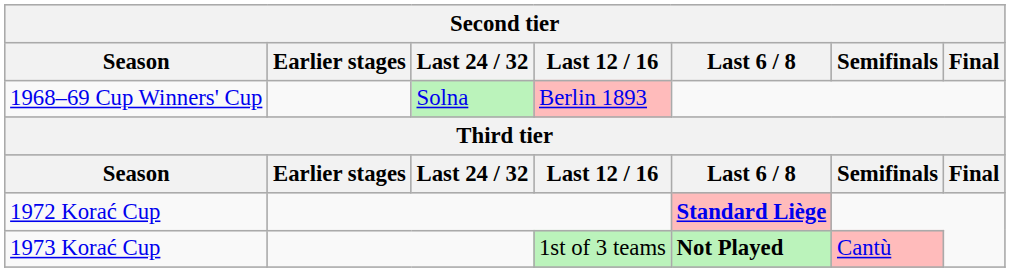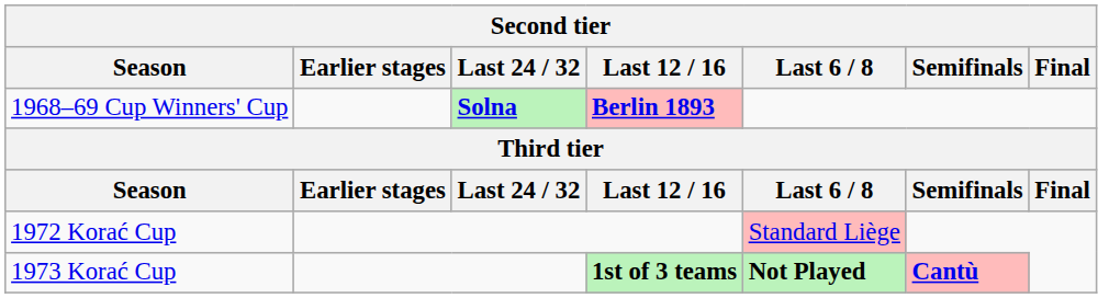 <table class="wikitable" style="font-size:90%">
 <tr>
 <th colspan=7>Second tier</th>
 </tr>
 <tr>
 <th>Season</th>
 <th>Earlier stages</th>
 <th>Last 24 / 32</th>
 <th>Last 12 / 16</th>
 <th>Last 6 / 8</th>
 <th>Semifinals</th>
 <th>Final</th>
 </tr>
 <tr>
 <td><a href='#'>1968–69 Cup Winners' Cup</a></td>
 <td></td>
-<td bgcolor=#BBF3BB> <a href='#'>Solna</a></td>
-<td bgcolor=#FFBBBB> <a href='#'>Berlin 1893</a></td>
+<td bgcolor=#BBF3BB><strong> <a href='#'>Solna</a></strong></td>
+<td bgcolor=#FFBBBB><strong> <a href='#'>Berlin 1893</a></strong></td>
 </tr>
 <tr>
 <th colspan=7>Third tier</th>
 </tr>
 <tr>
 <th>Season</th>
 <th>Earlier stages</th>
 <th>Last 24 / 32</th>
 <th>Last 12 / 16</th>
 <th>Last 6 / 8</th>
 <th>Semifinals</th>
 <th>Final</th>
 </tr>
 <tr>
 <td><a href='#'>1972 Korać Cup</a></td>
 <td colspan=3></td>
-<td bgcolor=#FFBBBB><strong> <a href='#'>Standard Liège</a></strong></td>
+<td bgcolor=#FFBBBB> <a href='#'>Standard Liège</a></td>
 </tr>
 <tr>
 <td><a href='#'>1973 Korać Cup</a></td>
 <td colspan=2></td>
-<td bgcolor=#BBF3BB>1st of 3 teams</td>
+<td bgcolor=#BBF3BB><strong>1st of 3 teams</strong></td>
 <td bgcolor=#BBF3BB><strong>Not Played</strong></td>
-<td bgcolor=#FFBBBB> <a href='#'>Cantù</a></td>
+<td bgcolor=#FFBBBB><strong> <a href='#'>Cantù</a></strong></td>
 </tr>
 </table>
